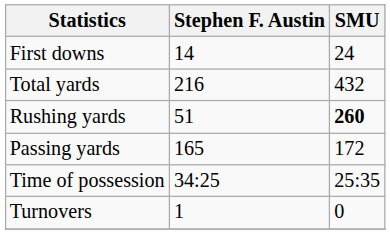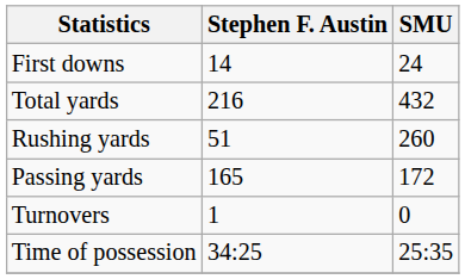 <table class="wikitable" style="float: right;">
 <tr>
 <th>Statistics</th>
 <th>Stephen F. Austin</th>
 <th>SMU</th>
 </tr>
 <tr>
 <td>First downs</td>
 <td>14</td>
 <td>24</td>
 </tr>
 <tr>
 <td>Total yards</td>
 <td>216</td>
 <td>432</td>
 </tr>
 <tr>
 <td>Rushing yards</td>
 <td>51</td>
-<td><strong>260</strong></td>
+<td>260</td>
 </tr>
 <tr>
 <td>Passing yards</td>
 <td>165</td>
 <td>172</td>
 </tr>
 <tr>
+<td>Turnovers</td>
+<td>1</td>
+<td>0</td>
+</tr>
+<tr>
 <td>Time of possession</td>
 <td>34:25</td>
 <td>25:35</td>
 </tr>
 <tr>
-<td>Turnovers</td>
-<td>1</td>
-<td>0</td>
-</tr>
-<tr>
 </tr>
 </table>
